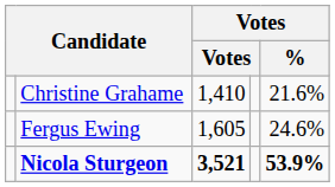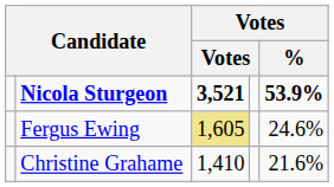 <table class=wikitable style="font-size:95%;">
 <tr>
 <th colspan="2" scope="col" rowspan="2" width="125">Candidate</th>
 <th scope="col" colspan="3" width="75">Votes</th>
 </tr>
 <tr>
 <th scope="col" colspan="2">Votes</th>
 <th>%</th>
 </tr>
 <tr align="right">
 <td style="background-color: "></td>
+<td scope="row" align="left"><strong><a href='#'>Nicola Sturgeon</a></strong> </td>
+<td><strong>3,521 </strong></td>
+<td align=center></td>
+<td><strong>53.9%</strong></td>
+</tr>
+<tr align="right">
+<td style="background-color: "></td>
+<td scope="row" align="left"><a href='#'>Fergus Ewing</a></td>
+<td style="background: khaki;">1,605</td>
+<td align=center></td>
+<td>24.6%</td>
+</tr>
+<tr align="right">
+<td style="background-color: "></td>
 <td scope="row" align="left"><a href='#'>Christine Grahame</a></td>
 <td>1,410</td>
 <td align=center></td>
 <td>21.6%</td>
 </tr>
-<tr align="right">
-<td style="background-color: "></td>
-<td scope="row" align="left"><a href='#'>Fergus Ewing</a></td>
-<td>1,605</td>
-<td align=center></td>
-<td>24.6%</td>
-</tr>
-<tr align="right">
-<td style="background-color: "></td>
-<td scope="row" align="left"><strong><a href='#'>Nicola Sturgeon</a></strong> </td>
-<td><strong>3,521 </strong></td>
-<td align=center></td>
-<td><strong>53.9%</strong></td>
-</tr>
 </table>
